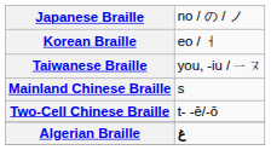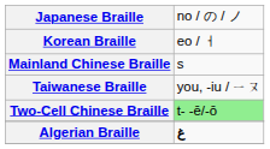 <table class="wikitable">
 <tr>
 <th align=left><a href='#'>Japanese Braille</a></th>
 <td>no / の / ノ </td>
 </tr>
 <tr>
 <th align=left><a href='#'>Korean Braille</a></th>
 <td>eo / ㅓ </td>
 </tr>
 <tr>
+<th align=left><a href='#'>Mainland Chinese Braille</a></th>
+<td>s </td>
+</tr>
+<tr>
 <th align=left><a href='#'>Taiwanese Braille</a></th>
 <td>you, -iu / ㄧㄡ</td>
 </tr>
 <tr>
-<th align=left><a href='#'>Mainland Chinese Braille</a></th>
-<td>s </td>
-</tr>
-<tr>
 <th align=left><a href='#'>Two-Cell Chinese Braille</a></th>
-<td>t- -ē/-ō</td>
+<td style="background: lightgreen;">t- -ē/-ō</td>
 </tr>
 <tr>
 </tr>
 <tr>
 </tr>
 <tr>
 <th align=left><a href='#'>Algerian Braille</a></th>
 <td><strong>غ ‎</strong></td>
 </tr>
 <tr>
 </tr>
 </table>
